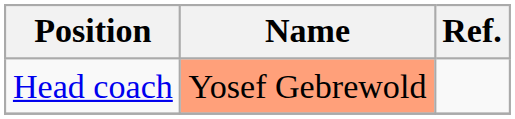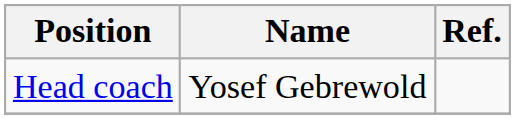 <table class="wikitable">
 <tr>
 <th>Position</th>
 <th>Name</th>
 <th>Ref.</th>
 </tr>
 <tr>
 <td><a href='#'>Head coach</a></td>
-<td style="background: lightsalmon;">Yosef Gebrewold</td>
+<td>Yosef Gebrewold</td>
 <td></td>
 </tr>
 <tr>
 </tr>
 </table>
